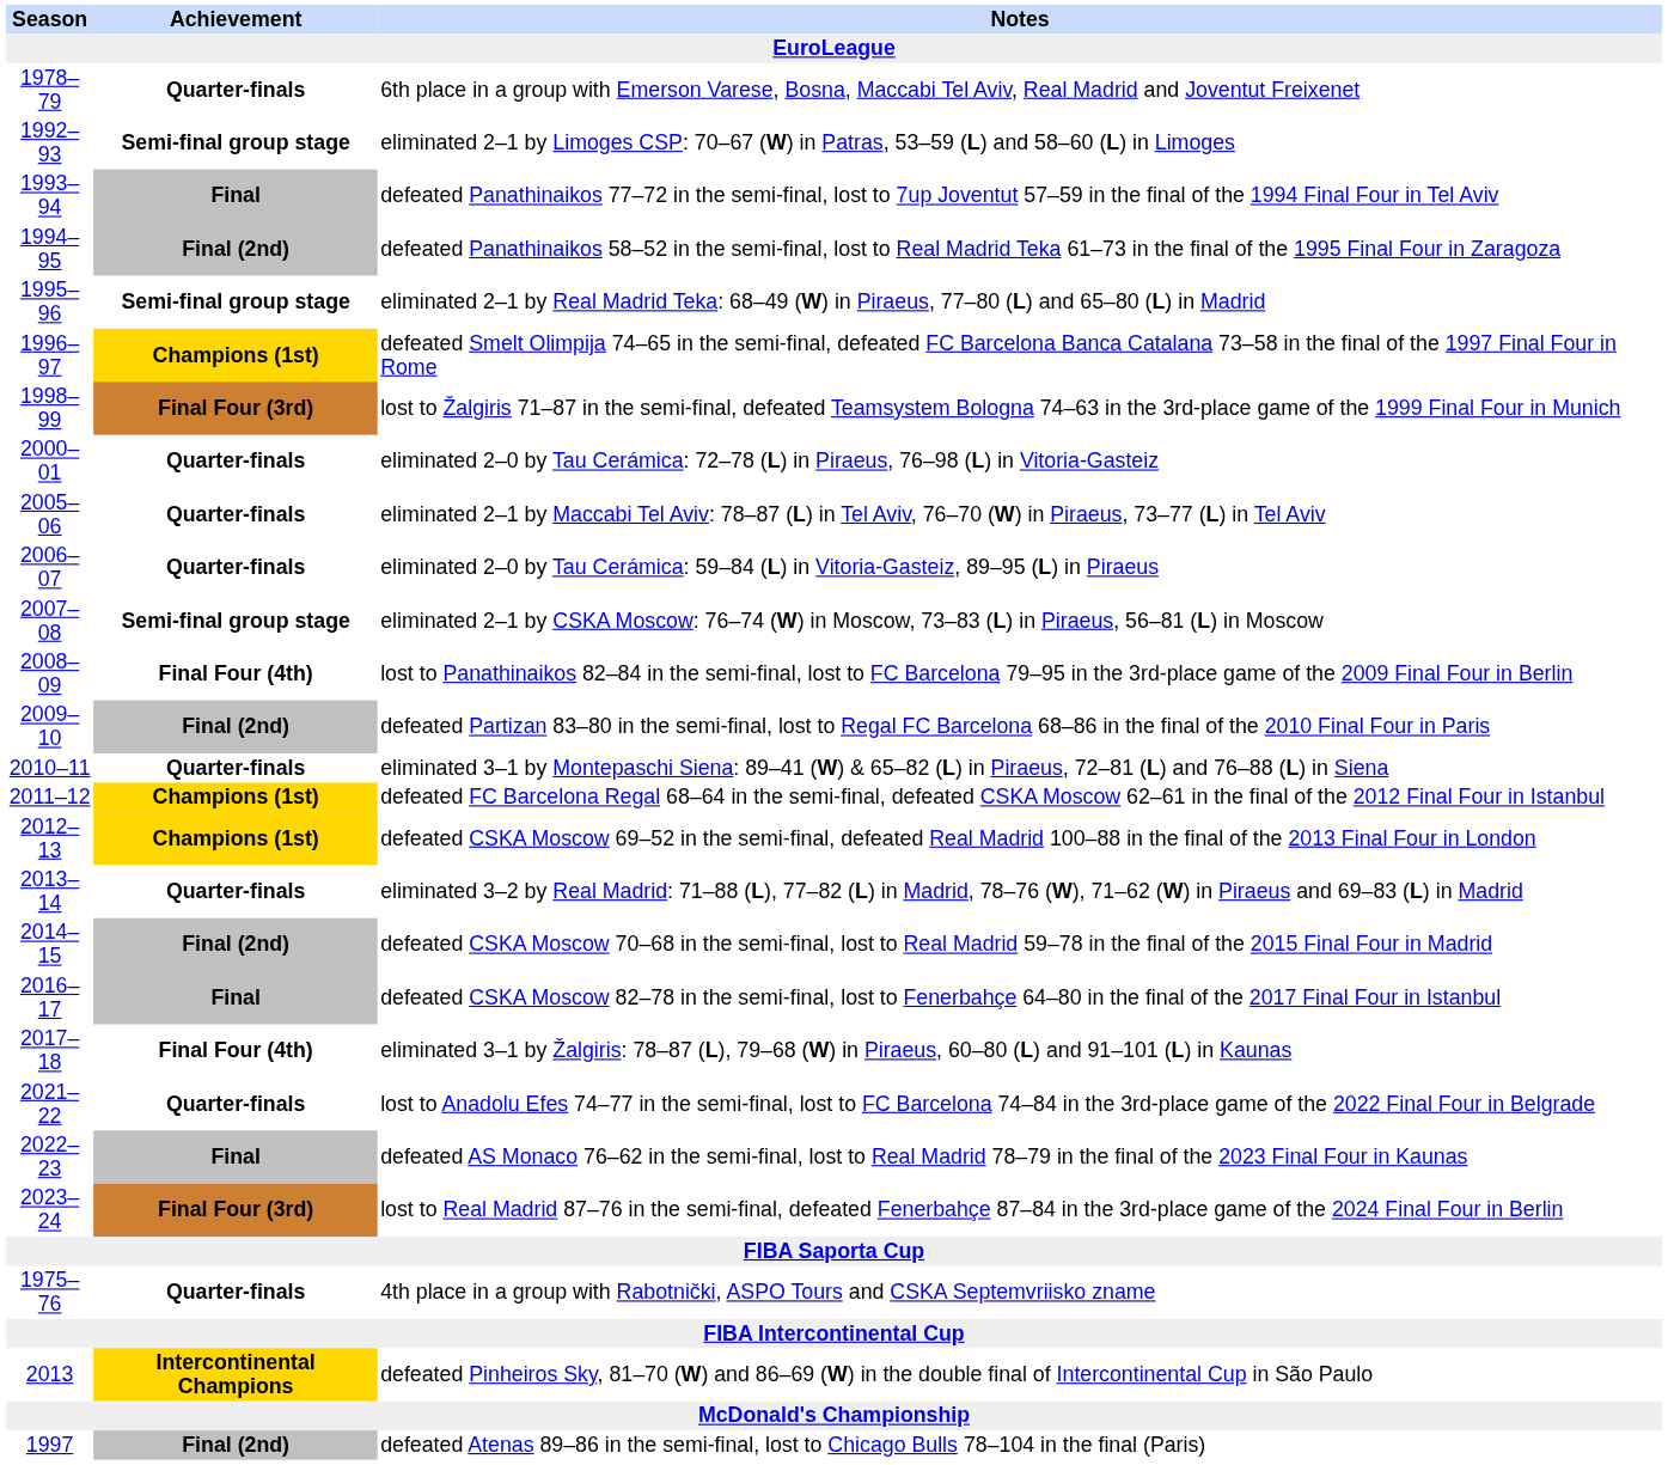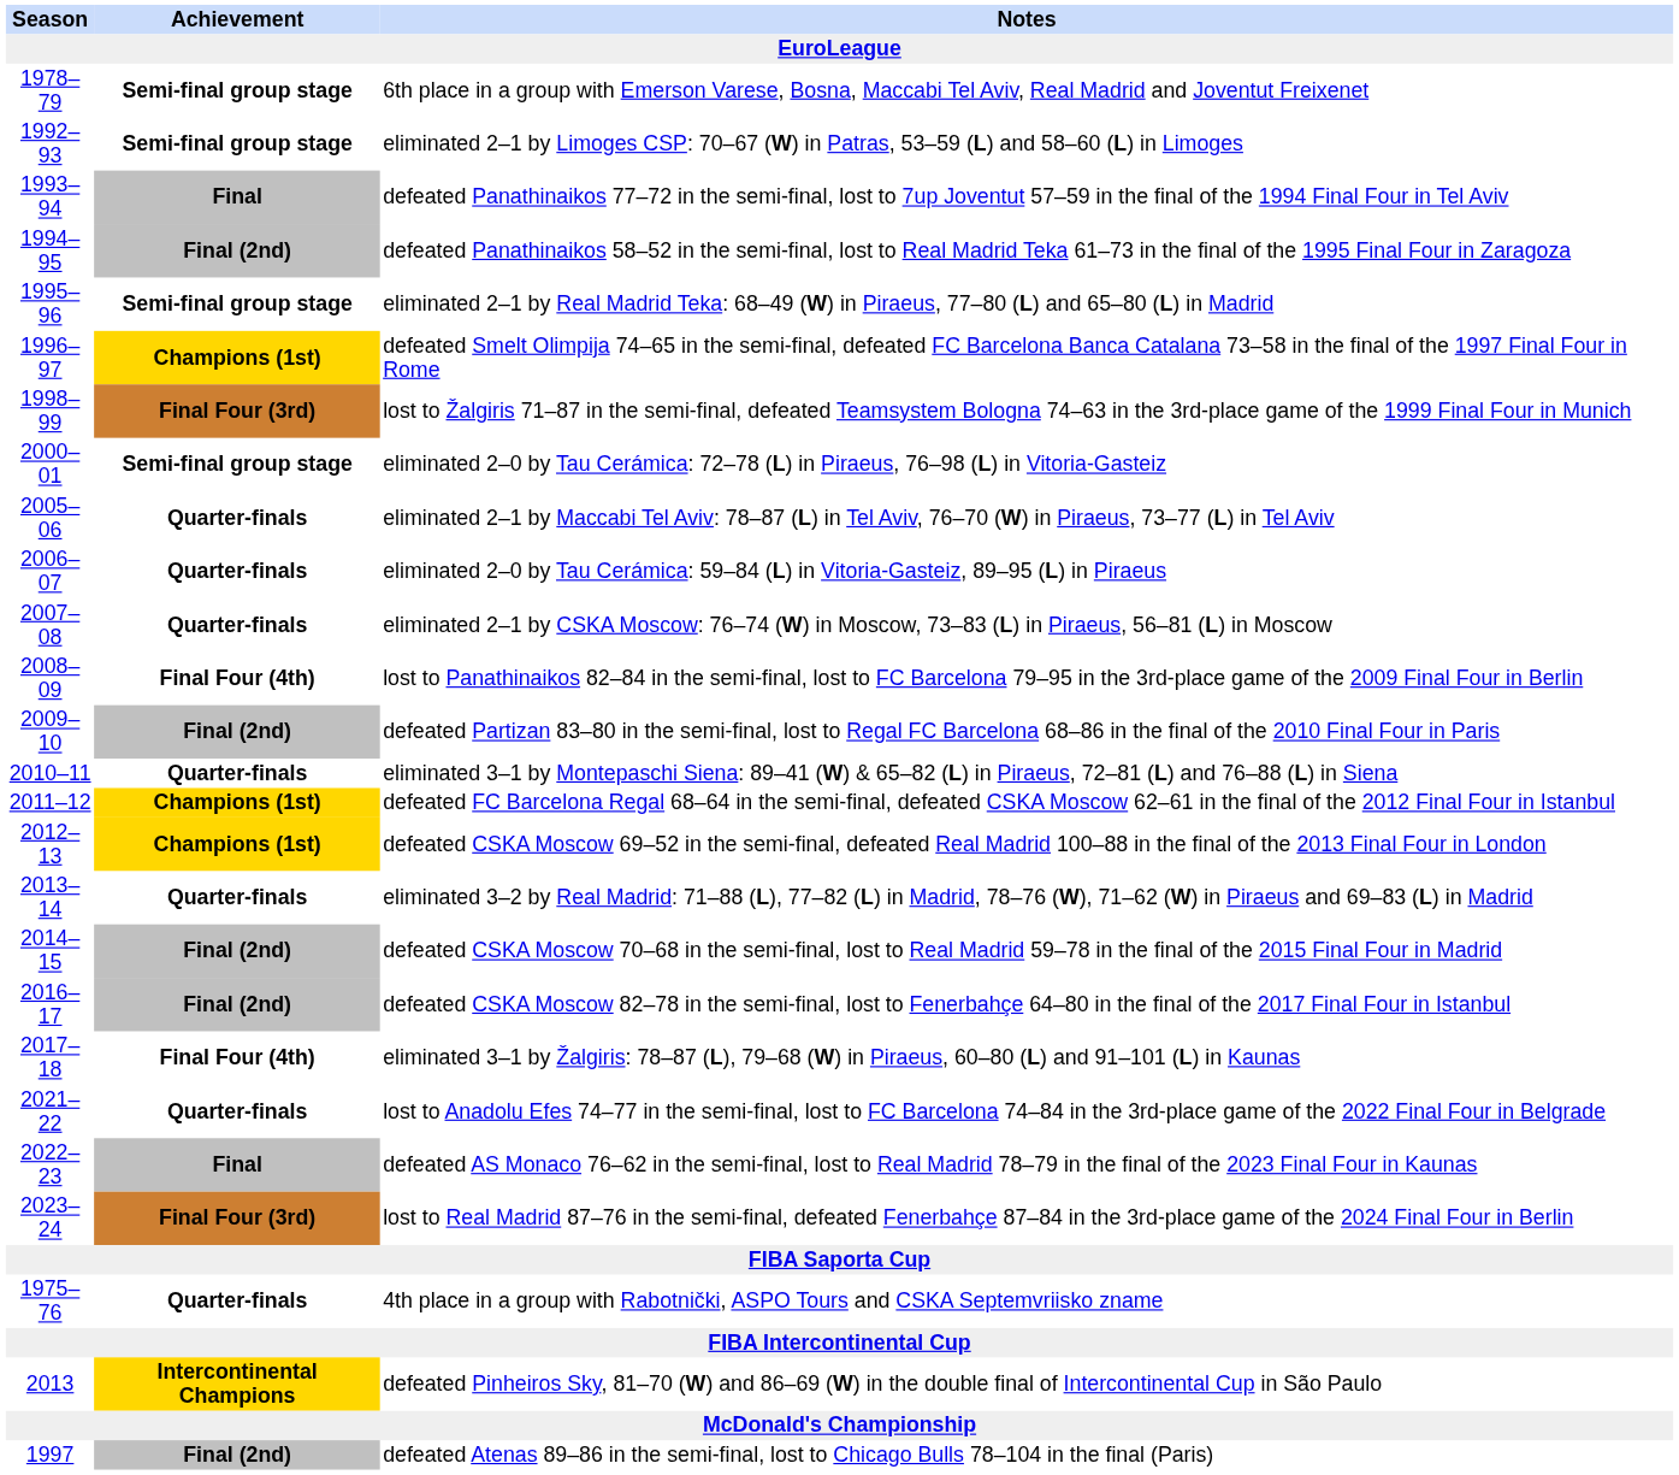 <table class="toccolours" border="0" cellpadding="2" cellspacing="0" style="margin:0.5em; text-align: center;">
 <tr bgcolor=#CADCFB>
 <th>Season</th>
 <th>Achievement</th>
 <th>Notes</th>
 </tr>
 <tr>
 <th colspan="4" bgcolor=#EFEFEF><a href='#'>EuroLeague</a></th>
 </tr>
 <tr>
 <td style="text-align: center;"><a href='#'>1978–79</a></td>
-<td style="text-align: center;"><strong>Quarter-finals</strong></td>
+<td style="text-align: center;"><strong>Semi-final group stage</strong></td>
 <td style="text-align: left;">6th place in a group with <a href='#'>Emerson Varese</a>, <a href='#'>Bosna</a>, <a href='#'>Maccabi Tel Aviv</a>, <a href='#'>Real Madrid</a> and <a href='#'>Joventut Freixenet</a></td>
 </tr>
 <tr>
 <td style="text-align: center;"><a href='#'>1992–93</a></td>
 <td style="text-align: center;"><strong>Semi-final group stage</strong></td>
 <td style="text-align: left;">eliminated 2–1 by <a href='#'>Limoges CSP</a>: 70–67 (<strong>W</strong>) in <a href='#'>Patras</a>, 53–59 (<strong>L</strong>) and 58–60 (<strong>L</strong>) in <a href='#'>Limoges</a></td>
 </tr>
 <tr>
 <td style="text-align: center;"><a href='#'>1993–94</a></td>
 <td style="text-align: center;" bgcolor= silver><strong>Final</strong></td>
 <td style="text-align: left;">defeated <a href='#'>Panathinaikos</a> 77–72 in the semi-final, lost to <a href='#'>7up Joventut</a> 57–59 in the final of the <a href='#'>1994 Final Four in Tel Aviv</a></td>
 </tr>
 <tr>
 <td style="text-align: center;"><a href='#'>1994–95</a></td>
 <td style="text-align: center;" bgcolor= silver><strong>Final (2nd)</strong></td>
 <td style="text-align: left;">defeated <a href='#'>Panathinaikos</a> 58–52 in the semi-final, lost to <a href='#'>Real Madrid Teka</a> 61–73 in the final of the <a href='#'>1995 Final Four in Zaragoza</a></td>
 </tr>
 <tr>
 <td style="text-align: center;"><a href='#'>1995–96</a></td>
 <td style="text-align: center;"><strong>Semi-final group stage</strong></td>
 <td style="text-align: left;">eliminated 2–1 by <a href='#'>Real Madrid Teka</a>: 68–49 (<strong>W</strong>) in <a href='#'>Piraeus</a>, 77–80 (<strong>L</strong>) and 65–80 (<strong>L</strong>) in <a href='#'>Madrid</a></td>
 </tr>
 <tr>
 <td style="text-align: center;"><a href='#'>1996–97</a></td>
 <td style="text-align: center;" bgcolor="gold"><strong>Champions (1st)</strong></td>
 <td style="text-align: left;">defeated <a href='#'>Smelt Olimpija</a> 74–65 in the semi-final, defeated <a href='#'>FC Barcelona Banca Catalana</a> 73–58 in the final of the <a href='#'>1997 Final Four in Rome</a></td>
 </tr>
 <tr>
 <td style="text-align: center;"><a href='#'>1998–99</a></td>
 <td style="text-align: center;" bgcolor= #CD7F32><strong>Final Four (3rd)</strong></td>
 <td style="text-align: left;">lost to <a href='#'>Žalgiris</a> 71–87 in the semi-final, defeated <a href='#'>Teamsystem Bologna</a> 74–63 in the 3rd-place game of the <a href='#'>1999 Final Four in Munich</a></td>
 </tr>
 <tr>
 <td style="text-align: center;"><a href='#'>2000–01</a></td>
-<td style="text-align: center;"><strong>Quarter-finals</strong></td>
+<td style="text-align: center;"><strong>Semi-final group stage</strong></td>
 <td style="text-align: left;">eliminated 2–0 by <a href='#'>Tau Cerámica</a>: 72–78 (<strong>L</strong>) in <a href='#'>Piraeus</a>, 76–98 (<strong>L</strong>) in <a href='#'>Vitoria-Gasteiz</a></td>
 </tr>
 <tr>
 <td style="text-align: center;"><a href='#'>2005–06</a></td>
 <td style="text-align: center;"><strong>Quarter-finals</strong></td>
 <td style="text-align: left;">eliminated 2–1 by <a href='#'>Maccabi Tel Aviv</a>: 78–87 (<strong>L</strong>) in <a href='#'>Tel Aviv</a>, 76–70 (<strong>W</strong>) in <a href='#'>Piraeus</a>, 73–77 (<strong>L</strong>) in <a href='#'>Tel Aviv</a></td>
 </tr>
 <tr>
 <td style="text-align: center;"><a href='#'>2006–07</a></td>
 <td style="text-align: center;"><strong>Quarter-finals</strong></td>
 <td style="text-align: left;">eliminated 2–0 by <a href='#'>Tau Cerámica</a>: 59–84 (<strong>L</strong>) in <a href='#'>Vitoria-Gasteiz</a>, 89–95 (<strong>L</strong>) in <a href='#'>Piraeus</a></td>
 </tr>
 <tr>
 <td style="text-align: center;"><a href='#'>2007–08</a></td>
-<td style="text-align: center;"><strong>Semi-final group stage</strong></td>
+<td style="text-align: center;"><strong>Quarter-finals</strong></td>
 <td style="text-align: left;">eliminated 2–1 by <a href='#'>CSKA Moscow</a>: 76–74 (<strong>W</strong>) in Moscow, 73–83 (<strong>L</strong>) in <a href='#'>Piraeus</a>, 56–81 (<strong>L</strong>) in Moscow</td>
 </tr>
 <tr>
 <td style="text-align: center;"><a href='#'>2008–09</a></td>
 <td style="text-align: center;"><strong>Final Four (4th)</strong></td>
 <td style="text-align: left;">lost to <a href='#'>Panathinaikos</a> 82–84 in the semi-final, lost to <a href='#'>FC Barcelona</a> 79–95 in the 3rd-place game of the <a href='#'>2009 Final Four in Berlin</a></td>
 </tr>
 <tr>
 <td style="text-align: center;"><a href='#'>2009–10</a></td>
 <td style="text-align: center;" bgcolor= silver><strong>Final (2nd)</strong></td>
 <td style="text-align: left;">defeated <a href='#'>Partizan</a> 83–80 in the semi-final, lost to <a href='#'>Regal FC Barcelona</a> 68–86 in the final of the <a href='#'>2010 Final Four in Paris</a></td>
 </tr>
 <tr>
 <td style="text-align: center;"><a href='#'>2010–11</a></td>
 <td style="text-align: center;"><strong>Quarter-finals</strong></td>
 <td style="text-align: left;">eliminated 3–1 by <a href='#'>Montepaschi Siena</a>: 89–41 (<strong>W</strong>) & 65–82 (<strong>L</strong>) in <a href='#'>Piraeus</a>, 72–81 (<strong>L</strong>) and 76–88 (<strong>L</strong>) in <a href='#'>Siena</a></td>
 </tr>
 <tr>
 <td style="text-align: center;"><a href='#'>2011–12</a></td>
 <td style="text-align: center;" bgcolor="gold"><strong>Champions (1st)</strong></td>
 <td style="text-align: left;">defeated <a href='#'>FC Barcelona Regal</a> 68–64 in the semi-final, defeated <a href='#'>CSKA Moscow</a> 62–61 in the final of the <a href='#'>2012 Final Four in Istanbul</a></td>
 </tr>
 <tr>
 <td style="text-align: center;"><a href='#'>2012–13</a></td>
 <td style="text-align: center;" bgcolor="gold"><strong>Champions (1st)</strong></td>
 <td style="text-align: left;">defeated <a href='#'>CSKA Moscow</a> 69–52 in the semi-final, defeated <a href='#'>Real Madrid</a> 100–88 in the final of the <a href='#'>2013 Final Four in London</a></td>
 </tr>
 <tr>
 <td style="text-align: center;"><a href='#'>2013–14</a></td>
 <td style="text-align: center;"><strong>Quarter-finals</strong></td>
 <td style="text-align: left;">eliminated 3–2 by <a href='#'>Real Madrid</a>: 71–88 (<strong>L</strong>), 77–82 (<strong>L</strong>) in <a href='#'>Madrid</a>, 78–76 (<strong>W</strong>), 71–62 (<strong>W</strong>) in <a href='#'>Piraeus</a> and 69–83 (<strong>L</strong>) in <a href='#'>Madrid</a></td>
 </tr>
 <tr>
 <td style="text-align: center;"><a href='#'>2014–15</a></td>
 <td style="text-align: center;" bgcolor= silver><strong>Final (2nd)</strong></td>
 <td style="text-align: left;">defeated <a href='#'>CSKA Moscow</a> 70–68 in the semi-final, lost to <a href='#'>Real Madrid</a> 59–78 in the final of the <a href='#'>2015 Final Four in Madrid</a></td>
 </tr>
 <tr>
 <td style="text-align: center;"><a href='#'>2016–17</a></td>
-<td style="text-align: center;" bgcolor= silver><strong>Final</strong></td>
+<td style="text-align: center;" bgcolor= silver><strong>Final (2nd)</strong></td>
 <td style="text-align: left;">defeated <a href='#'>CSKA Moscow</a> 82–78 in the semi-final, lost to <a href='#'>Fenerbahçe</a> 64–80 in the final of the <a href='#'>2017 Final Four in Istanbul</a></td>
 </tr>
 <tr>
 <td style="text-align: center;"><a href='#'>2017–18</a></td>
 <td style="text-align: center;"><strong>Final Four (4th)</strong></td>
 <td style="text-align: left;">eliminated 3–1 by <a href='#'>Žalgiris</a>: 78–87 (<strong>L</strong>), 79–68 (<strong>W</strong>) in <a href='#'>Piraeus</a>, 60–80 (<strong>L</strong>) and 91–101 (<strong>L</strong>) in <a href='#'>Kaunas</a></td>
 </tr>
 <tr>
 <td style="text-align: center;"><a href='#'>2021–22</a></td>
 <td style="text-align: center;"><strong>Quarter-finals</strong></td>
 <td style="text-align: left;">lost to <a href='#'>Anadolu Efes</a> 74–77 in the semi-final, lost to <a href='#'>FC Barcelona</a> 74–84 in the 3rd-place game of the <a href='#'>2022 Final Four in Belgrade</a></td>
 </tr>
 <tr>
 <td style="text-align: center;"><a href='#'>2022–23</a></td>
 <td style="text-align: center;" bgcolor= silver><strong>Final</strong></td>
 <td style="text-align: left;">defeated <a href='#'>AS Monaco</a> 76–62 in the semi-final, lost to <a href='#'>Real Madrid</a> 78–79 in the final of the <a href='#'>2023 Final Four in Kaunas</a></td>
 </tr>
 <tr>
 <td style="text-align: center;"><a href='#'>2023–24</a></td>
 <td style="text-align: center;" bgcolor= #CD7F32><strong>Final Four (3rd)</strong></td>
 <td style="text-align: left;">lost to <a href='#'>Real Madrid</a> 87–76 in the semi-final, defeated <a href='#'>Fenerbahçe</a> 87–84 in the 3rd-place game of the <a href='#'>2024 Final Four in Berlin</a></td>
 </tr>
 <tr>
 <th colspan="4" bgcolor=#EFEFEF><a href='#'>FIBA Saporta Cup</a></th>
 </tr>
 <tr>
 <td style="text-align: center;"><a href='#'>1975–76</a></td>
 <td style="text-align: center;"><strong>Quarter-finals</strong></td>
 <td style="text-align: left;">4th place in a group with <a href='#'>Rabotnički</a>, <a href='#'>ASPO Tours</a> and <a href='#'>CSKA Septemvriisko zname</a></td>
 </tr>
 <tr>
 <th colspan="4" bgcolor=#EFEFEF><a href='#'>FIBA Intercontinental Cup</a></th>
 </tr>
 <tr>
 <td style="text-align: center;"><a href='#'>2013</a></td>
 <td style="text-align: center;" bgcolor="gold"><strong>Intercontinental Champions</strong></td>
 <td style="text-align: left;">defeated <a href='#'>Pinheiros Sky</a>, 81–70 (<strong>W</strong>) and 86–69 (<strong>W</strong>) in the double final of <a href='#'>Intercontinental Cup</a> in São Paulo</td>
 </tr>
 <tr>
 <th colspan="4" bgcolor=#EFEFEF><a href='#'>McDonald's Championship</a></th>
 </tr>
 <tr>
 <td style="text-align: center;"><a href='#'>1997</a></td>
 <td style="text-align: center;" bgcolor= silver><strong>Final (2nd)</strong></td>
 <td style="text-align: left;">defeated <a href='#'>Atenas</a> 89–86 in the semi-final, lost to <a href='#'>Chicago Bulls</a> 78–104 in the final (Paris)</td>
 </tr>
 </table>
